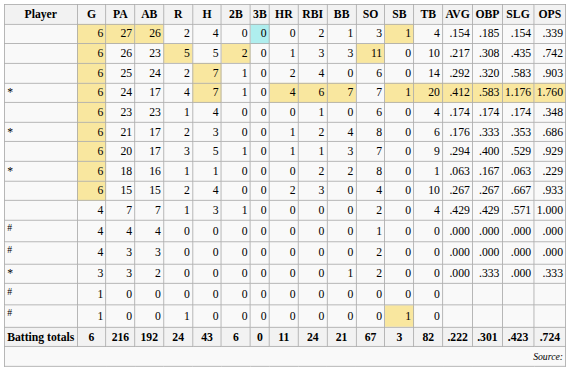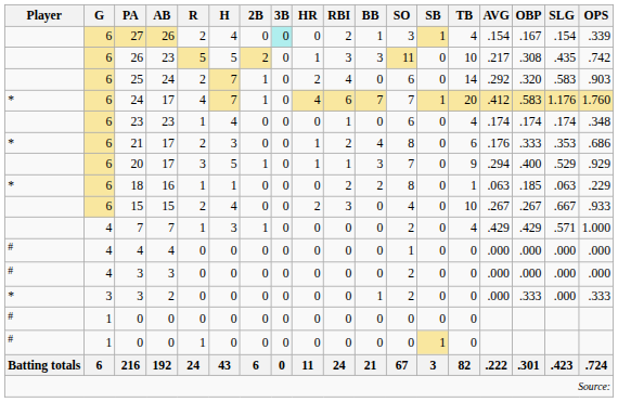 <table class="wikitable sortable sticky-header" style="text-align:right; font-size:88%;">
 <tr>
 <th>Player</th>
 <th>G</th>
 <th>PA</th>
 <th>AB</th>
 <th>R</th>
 <th>H</th>
 <th>2B</th>
 <th>3B</th>
 <th>HR</th>
 <th>RBI</th>
 <th>BB</th>
 <th>SO</th>
 <th>SB</th>
 <th>TB</th>
 <th>AVG</th>
 <th>OBP</th>
 <th>SLG</th>
 <th>OPS</th>
 </tr>
 <tr>
 <td style=text-align:left></td>
 <td style="background: #f9e79f; border:1px solid #aaa; width:2em;">6</td>
 <td style="background: #f9e79f; border:1px solid #aaa; width:2em;">27</td>
 <td style="background: #f9e79f; border:1px solid #aaa; width:2em;">26</td>
 <td>2</td>
 <td>4</td>
 <td>0</td>
 <td style="background: paleturquoise;">0</td>
 <td>0</td>
 <td>2</td>
 <td>1</td>
 <td>3</td>
 <td style="background: #f9e79f; border:1px solid #aaa; width:2em;">1</td>
 <td>4</td>
 <td>.154</td>
-<td>.185</td>
+<td>.167</td>
 <td>.154</td>
 <td>.339</td>
 </tr>
 <tr>
 <td style=text-align:left></td>
 <td style="background: #f9e79f; border:1px solid #aaa; width:2em;">6</td>
 <td>26</td>
 <td>23</td>
 <td style="background: #f9e79f; border:1px solid #aaa; width:2em;">5</td>
 <td>5</td>
 <td style="background: #f9e79f; border:1px solid #aaa; width:2em;">2</td>
 <td>0</td>
 <td>1</td>
 <td>3</td>
 <td>3</td>
 <td style="background: #f9e79f; border:1px solid #aaa; width:2em;">11</td>
 <td>0</td>
 <td>10</td>
 <td>.217</td>
 <td>.308</td>
 <td>.435</td>
 <td>.742</td>
 </tr>
 <tr>
 <td style=text-align:left></td>
 <td style="background: #f9e79f; border:1px solid #aaa; width:2em;">6</td>
 <td>25</td>
 <td>24</td>
 <td>2</td>
 <td style="background: #f9e79f; border:1px solid #aaa; width:2em;">7</td>
 <td>1</td>
 <td>0</td>
 <td>2</td>
 <td>4</td>
 <td>0</td>
 <td>6</td>
 <td>0</td>
 <td>14</td>
 <td>.292</td>
 <td>.320</td>
 <td>.583</td>
 <td>.903</td>
 </tr>
 <tr>
 <td style=text-align:left>*</td>
 <td style="background: #f9e79f; border:1px solid #aaa; width:2em;">6</td>
 <td>24</td>
 <td>17</td>
 <td>4</td>
 <td style="background: #f9e79f; border:1px solid #aaa; width:2em;">7</td>
 <td>1</td>
 <td>0</td>
 <td style="background: #f9e79f; border:1px solid #aaa; width:2em;">4</td>
 <td style="background: #f9e79f; border:1px solid #aaa; width:2em;">6</td>
 <td style="background: #f9e79f; border:1px solid #aaa; width:2em;">7</td>
 <td>7</td>
 <td style="background: #f9e79f; border:1px solid #aaa; width:2em;">1</td>
 <td style="background: #f9e79f; border:1px solid #aaa; width:2em;">20</td>
 <td style="background: #f9e79f; border:1px solid #aaa; width:2em;">.412</td>
 <td style="background: #f9e79f; border:1px solid #aaa; width:2em;">.583</td>
 <td style="background: #f9e79f; border:1px solid #aaa; width:2em;">1.176</td>
 <td style="background: #f9e79f; border:1px solid #aaa; width:2em;">1.760</td>
 </tr>
 <tr>
 <td style=text-align:left></td>
 <td style="background: #f9e79f; border:1px solid #aaa; width:2em;">6</td>
 <td>23</td>
 <td>23</td>
 <td>1</td>
 <td>4</td>
 <td>0</td>
 <td>0</td>
 <td>0</td>
 <td>1</td>
 <td>0</td>
 <td>6</td>
 <td>0</td>
 <td>4</td>
 <td>.174</td>
 <td>.174</td>
 <td>.174</td>
 <td>.348</td>
 </tr>
 <tr>
 <td style=text-align:left>*</td>
 <td style="background: #f9e79f; border:1px solid #aaa; width:2em;">6</td>
 <td>21</td>
 <td>17</td>
 <td>2</td>
 <td>3</td>
 <td>0</td>
 <td>0</td>
 <td>1</td>
 <td>2</td>
 <td>4</td>
 <td>8</td>
 <td>0</td>
 <td>6</td>
 <td>.176</td>
 <td>.333</td>
 <td>.353</td>
 <td>.686</td>
 </tr>
 <tr>
 <td style=text-align:left></td>
 <td style="background: #f9e79f; border:1px solid #aaa; width:2em;">6</td>
 <td>20</td>
 <td>17</td>
 <td>3</td>
 <td>5</td>
 <td>1</td>
 <td>0</td>
 <td>1</td>
 <td>1</td>
 <td>3</td>
 <td>7</td>
 <td>0</td>
 <td>9</td>
 <td>.294</td>
 <td>.400</td>
 <td>.529</td>
 <td>.929</td>
 </tr>
 <tr>
 <td style=text-align:left>*</td>
 <td style="background: #f9e79f; border:1px solid #aaa; width:2em;">6</td>
 <td>18</td>
 <td>16</td>
 <td>1</td>
 <td>1</td>
 <td>0</td>
 <td>0</td>
 <td>0</td>
 <td>2</td>
 <td>2</td>
 <td>8</td>
 <td>0</td>
 <td>1</td>
 <td>.063</td>
-<td>.167</td>
+<td>.185</td>
 <td>.063</td>
 <td>.229</td>
 </tr>
 <tr>
 <td style=text-align:left></td>
 <td style="background: #f9e79f; border:1px solid #aaa; width:2em;">6</td>
 <td>15</td>
 <td>15</td>
 <td>2</td>
 <td>4</td>
 <td>0</td>
 <td>0</td>
 <td>2</td>
 <td>3</td>
 <td>0</td>
 <td>4</td>
 <td>0</td>
 <td>10</td>
 <td>.267</td>
 <td>.267</td>
 <td>.667</td>
 <td>.933</td>
 </tr>
 <tr>
 <td style=text-align:left></td>
 <td>4</td>
 <td>7</td>
 <td>7</td>
 <td>1</td>
 <td>3</td>
 <td>1</td>
 <td>0</td>
 <td>0</td>
 <td>0</td>
 <td>0</td>
 <td>2</td>
 <td>0</td>
 <td>4</td>
 <td>.429</td>
 <td>.429</td>
 <td>.571</td>
 <td>1.000</td>
 </tr>
 <tr>
 <td style=text-align:left><sup>#</sup></td>
 <td>4</td>
 <td>4</td>
 <td>4</td>
 <td>0</td>
 <td>0</td>
 <td>0</td>
 <td>0</td>
 <td>0</td>
 <td>0</td>
 <td>0</td>
 <td>1</td>
 <td>0</td>
 <td>0</td>
 <td>.000</td>
 <td>.000</td>
 <td>.000</td>
 <td>.000</td>
 </tr>
 <tr>
 <td style=text-align:left><sup>#</sup></td>
 <td>4</td>
 <td>3</td>
 <td>3</td>
 <td>0</td>
 <td>0</td>
 <td>0</td>
 <td>0</td>
 <td>0</td>
 <td>0</td>
 <td>0</td>
 <td>2</td>
 <td>0</td>
 <td>0</td>
 <td>.000</td>
 <td>.000</td>
 <td>.000</td>
 <td>.000</td>
 </tr>
 <tr>
 <td style=text-align:left>*</td>
 <td>3</td>
 <td>3</td>
 <td>2</td>
 <td>0</td>
 <td>0</td>
 <td>0</td>
 <td>0</td>
 <td>0</td>
 <td>0</td>
 <td>1</td>
 <td>2</td>
 <td>0</td>
 <td>0</td>
 <td>.000</td>
 <td>.333</td>
 <td>.000</td>
 <td>.333</td>
 </tr>
 <tr>
 <td style=text-align:left><sup>#</sup></td>
 <td>1</td>
 <td>0</td>
 <td>0</td>
 <td>0</td>
 <td>0</td>
 <td>0</td>
 <td>0</td>
 <td>0</td>
 <td>0</td>
 <td>0</td>
 <td>0</td>
 <td>0</td>
 <td>0</td>
 <td></td>
 <td></td>
 <td></td>
 <td></td>
 </tr>
 <tr>
 <td style=text-align:left><sup>#</sup></td>
 <td>1</td>
 <td>0</td>
 <td>0</td>
 <td>1</td>
 <td>0</td>
 <td>0</td>
 <td>0</td>
 <td>0</td>
 <td>0</td>
 <td>0</td>
 <td>0</td>
 <td style="background: #f9e79f; border:1px solid #aaa; width:2em;">1</td>
 <td>0</td>
 <td></td>
 <td></td>
 <td></td>
 <td></td>
 </tr>
 <tr class="sortbottom">
 <th>Batting totals</th>
 <th>6</th>
 <th>216</th>
 <th>192</th>
 <th>24</th>
 <th>43</th>
 <th>6</th>
 <th>0</th>
 <th>11</th>
 <th>24</th>
 <th>21</th>
 <th>67</th>
 <th>3</th>
 <th>82</th>
 <th>.222</th>
 <th>.301</th>
 <th>.423</th>
 <th>.724</th>
 </tr>
 <tr class="sortbottom">
 <td colspan="20;" align="right"><small><em>Source:</em></small></td>
 </tr>
 </table>
